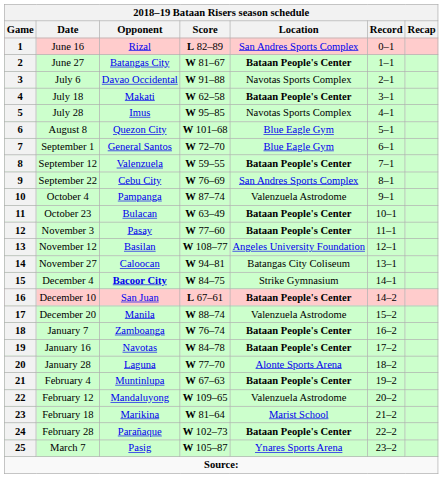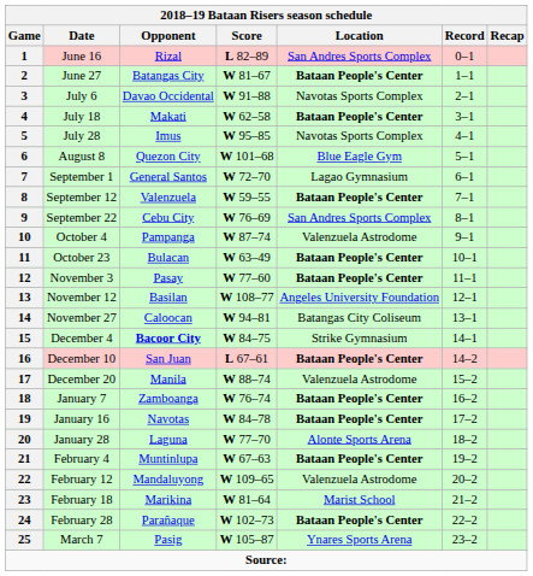 <table class="wikitable" style="text-align:center">
 <tr>
 <th colspan=7>2018–19 Bataan Risers season schedule</th>
 </tr>
 <tr>
 <th>Game</th>
 <th>Date</th>
 <th>Opponent</th>
 <th>Score</th>
 <th>Location</th>
 <th>Record</th>
 <th>Recap<br></th>
 </tr>
 <tr style="background:#fcc">
 <th>1</th>
 <td>June 16</td>
 <td><a href='#'>Rizal</a></td>
 <td><strong>L</strong> 82–89</td>
 <td><a href='#'>San Andres Sports Complex</a></td>
 <td>0–1</td>
 <td></td>
 </tr>
 <tr style="background:#cfc">
 <th>2</th>
 <td>June 27</td>
 <td><a href='#'>Batangas City</a></td>
 <td><strong>W</strong> 81–67</td>
 <td><strong>Bataan People's Center</strong></td>
 <td>1–1</td>
 <td></td>
 </tr>
 <tr style="background:#cfc">
 <th>3</th>
 <td>July 6</td>
 <td><a href='#'>Davao Occidental</a></td>
 <td><strong>W</strong> 91–88</td>
 <td>Navotas Sports Complex</td>
 <td>2–1</td>
 <td></td>
 </tr>
 <tr style="background:#cfc">
 <th>4</th>
 <td>July 18</td>
 <td><a href='#'>Makati</a></td>
 <td><strong>W</strong> 62–58</td>
 <td><strong>Bataan People's Center</strong></td>
 <td>3–1</td>
 <td></td>
 </tr>
 <tr style="background:#cfc">
 <th>5</th>
 <td>July 28</td>
 <td><a href='#'>Imus</a></td>
 <td><strong>W</strong> 95–85</td>
 <td>Navotas Sports Complex</td>
 <td>4–1</td>
 <td></td>
 </tr>
 <tr style="background:#cfc">
 <th>6</th>
 <td>August 8</td>
 <td><a href='#'>Quezon City</a></td>
 <td><strong>W</strong> 101–68</td>
 <td><a href='#'>Blue Eagle Gym</a></td>
 <td>5–1</td>
 <td></td>
 </tr>
 <tr style="background:#cfc">
 <th>7</th>
 <td>September 1</td>
 <td><a href='#'>General Santos</a></td>
 <td><strong>W</strong> 72–70</td>
-<td><a href='#'>Blue Eagle Gym</a></td>
+<td>Lagao Gymnasium</td>
 <td>6–1</td>
 <td></td>
 </tr>
 <tr style="background:#cfc">
 <th>8</th>
 <td>September 12</td>
 <td><a href='#'>Valenzuela</a></td>
 <td><strong>W</strong> 59–55</td>
 <td><strong>Bataan People's Center</strong></td>
 <td>7–1</td>
 <td></td>
 </tr>
 <tr style="background:#cfc">
 <th>9</th>
 <td>September 22</td>
 <td><a href='#'>Cebu City</a></td>
 <td><strong>W</strong> 76–69</td>
 <td><a href='#'>San Andres Sports Complex</a></td>
 <td>8–1</td>
 <td><br></td>
 </tr>
 <tr style="background:#cfc">
 <th>10</th>
 <td>October 4</td>
 <td><a href='#'>Pampanga</a></td>
 <td><strong>W</strong> 87–74</td>
 <td>Valenzuela Astrodome</td>
 <td>9–1</td>
 <td></td>
 </tr>
 <tr style="background:#cfc">
 <th>11</th>
 <td>October 23</td>
 <td><a href='#'>Bulacan</a></td>
 <td><strong>W</strong> 63–49</td>
 <td><strong>Bataan People's Center</strong></td>
 <td>10–1</td>
 <td></td>
 </tr>
 <tr style="background:#cfc">
 <th>12</th>
 <td>November 3</td>
 <td><a href='#'>Pasay</a></td>
 <td><strong>W</strong> 77–60</td>
 <td><strong>Bataan People's Center</strong></td>
 <td>11–1</td>
 <td></td>
 </tr>
 <tr style="background:#cfc">
 <th>13</th>
 <td>November 12</td>
 <td><a href='#'>Basilan</a></td>
 <td><strong>W</strong> 108–77</td>
 <td><a href='#'>Angeles University Foundation</a></td>
 <td>12–1</td>
 <td></td>
 </tr>
 <tr style="background:#cfc">
 <th>14</th>
 <td>November 27</td>
 <td><a href='#'>Caloocan</a></td>
 <td><strong>W</strong> 94–81</td>
 <td>Batangas City Coliseum</td>
 <td>13–1</td>
 <td></td>
 </tr>
 <tr style="background:#cfc">
 <th>15</th>
 <td>December 4</td>
 <td><strong><a href='#'>Bacoor City</a></strong></td>
 <td><strong>W</strong> 84–75</td>
 <td>Strike Gymnasium</td>
 <td>14–1</td>
 <td></td>
 </tr>
 <tr style="background:#fcc">
 <th>16</th>
 <td>December 10</td>
 <td><a href='#'>San Juan</a></td>
 <td><strong>L</strong> 67–61</td>
 <td><strong>Bataan People's Center</strong></td>
 <td>14–2</td>
 <td></td>
 </tr>
 <tr style="background:#cfc">
 <th>17</th>
 <td>December 20</td>
 <td><a href='#'>Manila</a></td>
 <td><strong>W</strong> 88–74</td>
 <td>Valenzuela Astrodome</td>
 <td>15–2</td>
 <td><br></td>
 </tr>
 <tr style="background:#cfc">
 <th>18</th>
 <td>January 7</td>
 <td><a href='#'>Zamboanga</a></td>
 <td><strong>W</strong> 76–74</td>
 <td><strong>Bataan People's Center</strong></td>
 <td>16–2</td>
 <td></td>
 </tr>
 <tr style="background:#cfc">
 <th>19</th>
 <td>January 16</td>
 <td><a href='#'>Navotas</a></td>
 <td><strong>W</strong> 84–78</td>
 <td><strong>Bataan People's Center</strong></td>
 <td>17–2</td>
 <td></td>
 </tr>
 <tr style="background:#cfc">
 <th>20</th>
 <td>January 28</td>
 <td><a href='#'>Laguna</a></td>
 <td><strong>W</strong> 77–70</td>
 <td><a href='#'>Alonte Sports Arena</a></td>
 <td>18–2</td>
 <td></td>
 </tr>
 <tr style="background:#cfc">
 <th>21</th>
 <td>February 4</td>
 <td><a href='#'>Muntinlupa</a></td>
 <td><strong>W</strong> 67–63</td>
 <td><strong>Bataan People's Center</strong></td>
 <td>19–2</td>
 <td></td>
 </tr>
 <tr style="background:#cfc">
 <th>22</th>
 <td>February 12</td>
 <td><a href='#'>Mandaluyong</a></td>
 <td><strong>W</strong> 109–65</td>
 <td>Valenzuela Astrodome</td>
 <td>20–2</td>
 <td></td>
 </tr>
 <tr style="background:#cfc">
 <th>23</th>
 <td>February 18</td>
 <td><a href='#'>Marikina</a></td>
 <td><strong>W</strong> 81–64</td>
 <td><a href='#'>Marist School</a></td>
 <td>21–2</td>
 <td></td>
 </tr>
 <tr style="background:#cfc">
 <th>24</th>
 <td>February 28</td>
 <td><a href='#'>Parañaque</a></td>
 <td><strong>W</strong> 102–73</td>
 <td><strong>Bataan People's Center</strong></td>
 <td>22–2</td>
 <td></td>
 </tr>
 <tr style="background:#cfc">
 <th>25</th>
 <td>March 7</td>
 <td><a href='#'>Pasig</a></td>
 <td><strong>W</strong> 105–87</td>
 <td><a href='#'>Ynares Sports Arena</a></td>
 <td>23–2</td>
 <td></td>
 </tr>
 <tr>
 <td colspan=7 align=center><strong>Source: </strong></td>
 </tr>
 </table>
